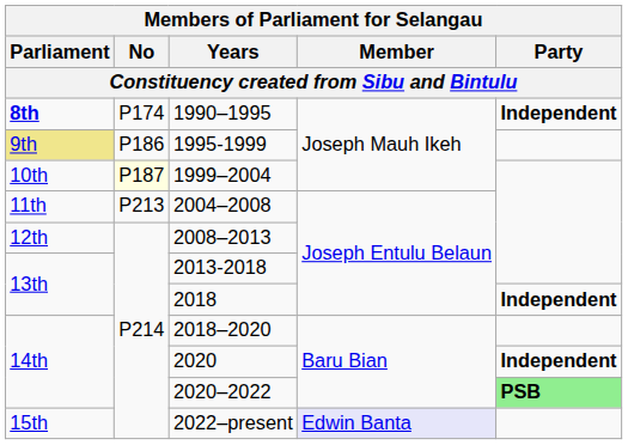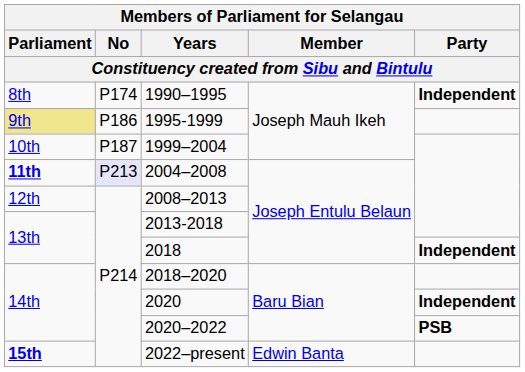 <table class=wikitable>
 <tr>
 <th colspan="5">Members of Parliament for Selangau</th>
 </tr>
 <tr>
 <th>Parliament</th>
 <th>No</th>
 <th>Years</th>
 <th>Member</th>
 <th>Party</th>
 </tr>
 <tr>
 <th colspan="5" align="center"><em>Constituency created from <a href='#'>Sibu</a> and <a href='#'>Bintulu</a></em></th>
 </tr>
 <tr>
-<td><strong><a href='#'>8th</a></strong></td>
+<td><a href='#'>8th</a></td>
 <td>P174</td>
 <td>1990–1995</td>
 <td rowspan=3>Joseph Mauh Ikeh</td>
 <td><strong>Independent</strong></td>
 </tr>
 <tr>
 <td style="background: khaki;"><a href='#'>9th</a></td>
 <td>P186</td>
 <td>1995-1999</td>
 <td></td>
 </tr>
 <tr>
 <td><a href='#'>10th</a></td>
-<td style="background: lightyellow;">P187</td>
+<td>P187</td>
 <td>1999–2004</td>
 <td rowspan="4"></td>
 </tr>
 <tr>
-<td><a href='#'>11th</a></td>
-<td>P213</td>
+<td><strong><a href='#'>11th</a></strong></td>
+<td style="background: lavender;">P213</td>
 <td>2004–2008</td>
 <td rowspan=4><a href='#'>Joseph Entulu Belaun</a></td>
 </tr>
 <tr>
 <td><a href='#'>12th</a></td>
 <td rowspan="7">P214</td>
 <td>2008–2013</td>
 </tr>
 <tr>
 <td rowspan=2><a href='#'>13th</a></td>
 <td>2013-2018</td>
 </tr>
 <tr>
 <td>2018</td>
 <td><strong>Independent</strong></td>
 </tr>
 <tr>
 <td rowspan="3"><a href='#'>14th</a></td>
 <td>2018–2020</td>
 <td rowspan="3"><a href='#'>Baru Bian</a></td>
 <td></td>
 </tr>
 <tr>
 <td>2020</td>
 <td><strong>Independent</strong></td>
 </tr>
 <tr>
 <td>2020–2022</td>
-<td style="background: lightgreen;"><strong>PSB</strong></td>
+<td><strong>PSB</strong></td>
 </tr>
 <tr>
-<td><a href='#'>15th</a></td>
+<td><strong><a href='#'>15th</a></strong></td>
 <td>2022–present</td>
-<td style="background: lavender;"><a href='#'>Edwin Banta</a></td>
+<td><a href='#'>Edwin Banta</a></td>
 <td></td>
 </tr>
 </table>
